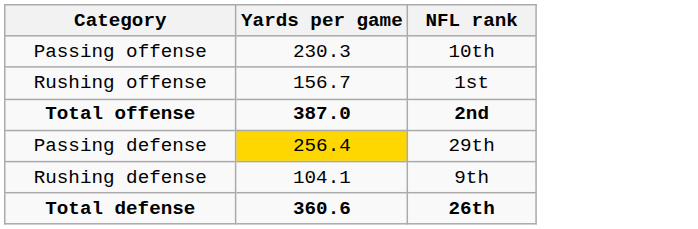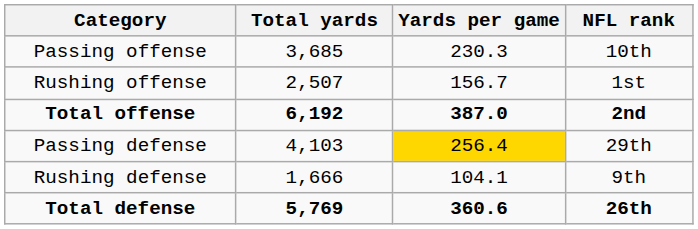 <table class="wikitable" style="text-align:center">
 <tr>
 <th width=150px>Category</th>
+<th width=100px>Total yards</th>
 <th width=110px>Yards per game</th>
 <th width=80px>NFL rank<br></th>
 </tr>
 <tr>
 <td>Passing offense</td>
+<td>3,685</td>
 <td>230.3</td>
 <td>10th</td>
 </tr>
 <tr>
 <td>Rushing offense</td>
+<td>2,507</td>
 <td>156.7</td>
 <td>1st</td>
 </tr>
 <tr>
 <td><strong>Total offense</strong></td>
+<td><strong>6,192</strong></td>
 <td><strong>387.0</strong></td>
 <td><strong>2nd</strong></td>
 </tr>
 <tr>
 <td>Passing defense</td>
+<td>4,103</td>
 <td style="background: gold;">256.4</td>
 <td>29th</td>
 </tr>
 <tr>
 <td>Rushing defense</td>
+<td>1,666</td>
 <td>104.1</td>
 <td>9th</td>
 </tr>
 <tr>
 <td><strong>Total defense</strong></td>
+<td><strong>5,769</strong></td>
 <td><strong>360.6</strong></td>
 <td><strong>26th</strong></td>
 </tr>
 </table>
